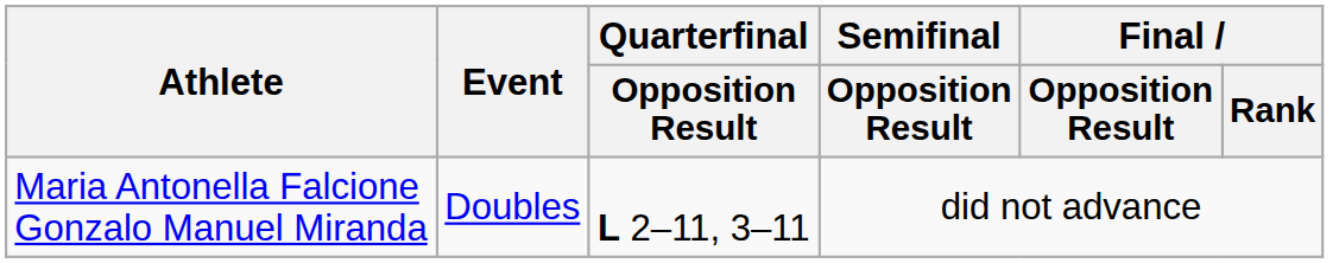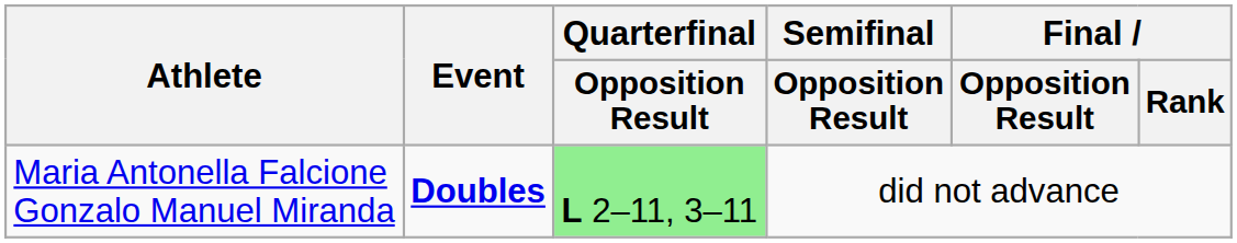 <table class="wikitable" style="font-size:90%;text-align:center">
 <tr>
 <th rowspan=2>Athlete</th>
 <th rowspan=2>Event</th>
 <th>Quarterfinal</th>
 <th>Semifinal</th>
 <th colspan=2>Final / </th>
 </tr>
 <tr style=font-size:95%>
 <th>Opposition<br>Result</th>
 <th>Opposition<br>Result</th>
 <th>Opposition<br>Result</th>
 <th>Rank</th>
 </tr>
 <tr>
 <td style="text-align:left"><a href='#'>Maria Antonella Falcione</a><br><a href='#'>Gonzalo Manuel Miranda</a></td>
-<td style="text-align:left"><a href='#'>Doubles</a></td>
-<td><br><strong>L</strong> 2–11, 3–11</td>
+<td style="text-align:left"><strong><a href='#'>Doubles</a></strong></td>
+<td style="background: lightgreen;"><br><strong>L</strong> 2–11, 3–11</td>
 <td colspan=3>did not advance</td>
 </tr>
 </table>
